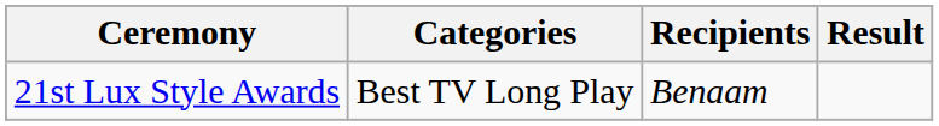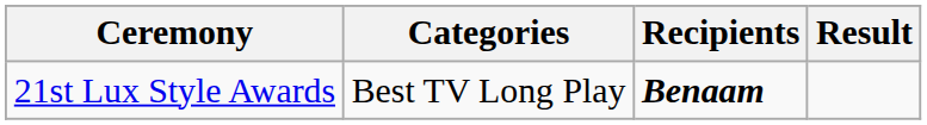 <table class="wikitable style">
 <tr>
 <th>Ceremony</th>
 <th>Categories</th>
 <th>Recipients</th>
 <th>Result</th>
 </tr>
 <tr>
 <td rowspan="5"><a href='#'>21st Lux Style Awards</a></td>
 <td>Best TV Long Play</td>
-<td><em>Benaam</td>
+<td><strong><em>Benaam</strong></td>
 <td></td>
 </tr>
 </table>
